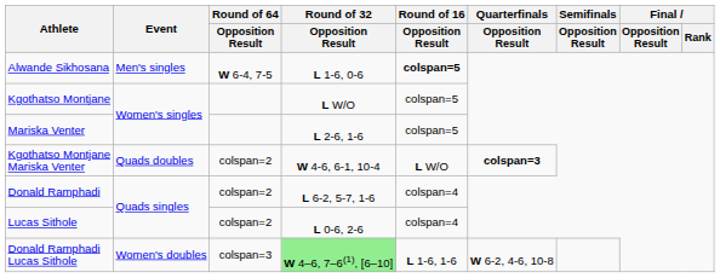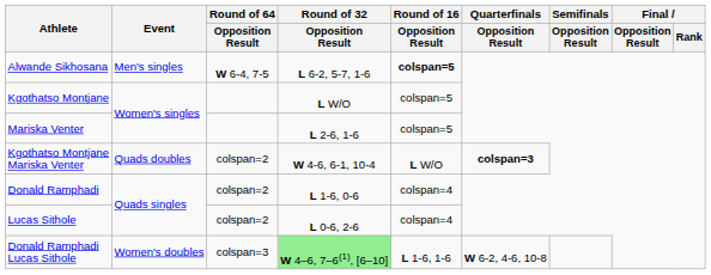 <table class="wikitable" style="font-size:90%;">
 <tr>
 <th rowspan=2>Athlete</th>
 <th rowspan=2>Event</th>
 <th>Round of 64</th>
 <th>Round of 32</th>
 <th>Round of 16</th>
 <th>Quarterfinals</th>
 <th>Semifinals</th>
 <th colspan=2>Final / </th>
 </tr>
 <tr style="font-size:95%">
 <th>Opposition<br>Result</th>
 <th>Opposition<br>Result</th>
 <th>Opposition<br>Result</th>
 <th>Opposition<br>Result</th>
 <th>Opposition<br>Result</th>
 <th>Opposition<br>Result</th>
 <th>Rank</th>
 </tr>
 <tr align=center>
 <td align=left><a href='#'>Alwande Sikhosana</a></td>
 <td align=left><a href='#'>Men's singles</a></td>
 <td><br><strong>W</strong> 6-4, 7-5</td>
-<td><br><strong>L</strong> 1-6, 0-6</td>
+<td><br><strong>L</strong> 6-2, 5-7, 1-6</td>
 <td><strong>colspan=5 </strong></td>
 </tr>
 <tr align=center>
 <td align=left><a href='#'>Kgothatso Montjane</a></td>
 <td align=left rowspan=2><a href='#'>Women's singles</a></td>
 <td></td>
 <td><br><strong>L</strong> W/O</td>
 <td>colspan=5 </td>
 </tr>
 <tr align=center>
 <td align=left><a href='#'>Mariska Venter</a></td>
 <td></td>
 <td><br><strong>L</strong> 2-6, 1-6</td>
 <td>colspan=5 </td>
 </tr>
 <tr align=center>
 <td align=left><a href='#'>Kgothatso Montjane</a><br><a href='#'>Mariska Venter</a></td>
 <td align=left><a href='#'>Quads doubles</a></td>
 <td>colspan=2</td>
 <td><br><strong>W</strong> 4-6, 6-1, 10-4</td>
 <td><br> <strong>L</strong> W/O</td>
 <td><strong>colspan=3 </strong></td>
 </tr>
 <tr align=center>
 <td align=left><a href='#'>Donald Ramphadi</a></td>
 <td align=left rowspan=2><a href='#'>Quads singles</a></td>
 <td>colspan=2</td>
-<td><br><strong>L</strong> 6-2, 5-7, 1-6</td>
+<td><br><strong>L</strong> 1-6, 0-6</td>
 <td>colspan=4 </td>
 </tr>
 <tr align=center>
 <td align=left><a href='#'>Lucas Sithole</a></td>
 <td>colspan=2</td>
 <td><br><strong>L</strong> 0-6, 2-6</td>
 <td>colspan=4 </td>
 </tr>
 <tr align=center>
 <td align=left><a href='#'>Donald Ramphadi</a><br><a href='#'>Lucas Sithole</a></td>
 <td align=left><a href='#'>Women's doubles</a></td>
 <td>colspan=3</td>
 <td style="background: lightgreen;"><br><strong>W</strong> 4–6, 7–6<sup>(1)</sup>, [6–10]</td>
 <td><br><strong>L</strong> 1-6, 1-6</td>
 <td><br><strong>W</strong> 6-2, 4-6, 10-8</td>
 <td></td>
 </tr>
 </table>
